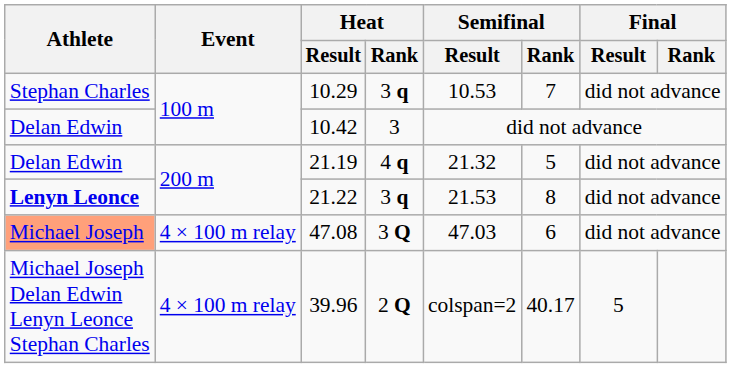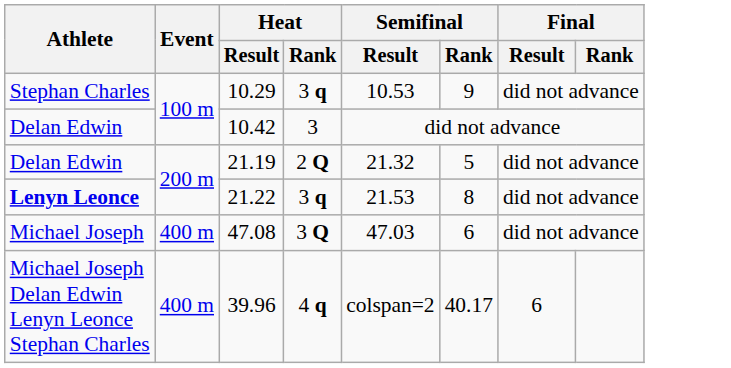 <table class="wikitable" style="font-size:90%; text-align:center">
 <tr>
 <th rowspan=2>Athlete</th>
 <th rowspan=2>Event</th>
 <th colspan=2>Heat</th>
 <th colspan=2>Semifinal</th>
 <th colspan=2>Final</th>
 </tr>
 <tr style="font-size:95%">
 <th>Result</th>
 <th>Rank</th>
 <th>Result</th>
 <th>Rank</th>
 <th>Result</th>
 <th>Rank</th>
 </tr>
 <tr>
 <td align=left><a href='#'>Stephan Charles</a></td>
 <td align=left rowspan=2><a href='#'>100 m</a></td>
 <td>10.29</td>
 <td>3 <strong>q</strong></td>
 <td>10.53</td>
-<td>7</td>
+<td>9</td>
 <td colspan=2>did not advance</td>
 </tr>
 <tr>
 <td align=left><a href='#'>Delan Edwin</a></td>
 <td>10.42</td>
 <td>3</td>
 <td colspan=4>did not advance</td>
 </tr>
 <tr>
 <td align=left><a href='#'>Delan Edwin</a></td>
 <td align=left rowspan=2><a href='#'>200 m</a></td>
 <td>21.19</td>
-<td>4 <strong>q</strong></td>
+<td>2 <strong>Q</strong></td>
 <td>21.32</td>
 <td>5</td>
 <td colspan=2>did not advance</td>
 </tr>
 <tr>
 <td align=left><strong><a href='#'>Lenyn Leonce</a></strong></td>
 <td>21.22</td>
 <td>3 <strong>q</strong></td>
 <td>21.53</td>
 <td>8</td>
 <td colspan=2>did not advance</td>
 </tr>
 <tr>
-<td align=left style="background: lightsalmon;"><a href='#'>Michael Joseph</a></td>
-<td align=left><a href='#'>4 × 100 m relay</a></td>
+<td align=left><a href='#'>Michael Joseph</a></td>
+<td align=left rowspan=1><a href='#'>400 m</a></td>
 <td>47.08</td>
 <td>3 <strong>Q</strong></td>
 <td>47.03</td>
 <td>6</td>
 <td colspan=2>did not advance</td>
 </tr>
 <tr>
 <td align=left><a href='#'>Michael Joseph</a><br><a href='#'>Delan Edwin</a><br><a href='#'>Lenyn Leonce</a><br><a href='#'>Stephan Charles</a></td>
-<td align=left><a href='#'>4 × 100 m relay</a></td>
+<td align=left rowspan=1><a href='#'>400 m</a></td>
 <td>39.96</td>
-<td>2 <strong>Q</strong></td>
+<td>4 <strong>q</strong></td>
 <td>colspan=2 </td>
 <td>40.17</td>
-<td>5</td>
+<td>6</td>
 </tr>
 </table>
